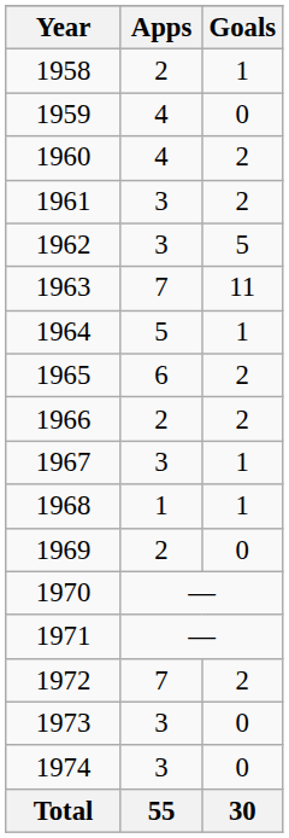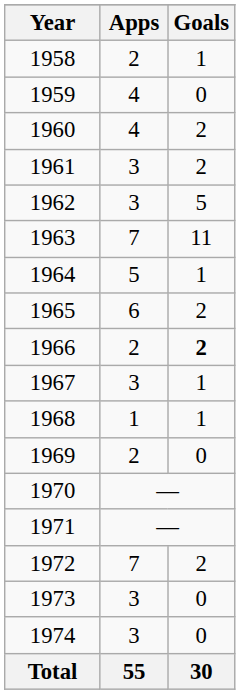 <table class="wikitable" style="text-align:center">
 <tr>
 </tr>
 <tr>
 <th width="60">Year</th>
 <th width="40">Apps</th>
 <th width="40">Goals</th>
 </tr>
 <tr>
 <td>1958</td>
 <td>2</td>
 <td>1</td>
 </tr>
 <tr>
 <td>1959</td>
 <td>4</td>
 <td>0</td>
 </tr>
 <tr>
 <td>1960</td>
 <td>4</td>
 <td>2</td>
 </tr>
 <tr>
 <td>1961</td>
 <td>3</td>
 <td>2</td>
 </tr>
 <tr>
 <td>1962</td>
 <td>3</td>
 <td>5</td>
 </tr>
 <tr>
 <td>1963</td>
 <td>7</td>
 <td>11</td>
 </tr>
 <tr>
 <td>1964</td>
 <td>5</td>
 <td>1</td>
 </tr>
 <tr>
 <td>1965</td>
 <td>6</td>
 <td>2</td>
 </tr>
 <tr>
 <td>1966</td>
 <td>2</td>
-<td>2</td>
+<td><strong>2</strong></td>
 </tr>
 <tr>
 <td>1967</td>
 <td>3</td>
 <td>1</td>
 </tr>
 <tr>
 <td>1968</td>
 <td>1</td>
 <td>1</td>
 </tr>
 <tr>
 <td>1969</td>
 <td>2</td>
 <td>0</td>
 </tr>
 <tr>
 <td>1970</td>
 <td colspan=2>—</td>
 </tr>
 <tr>
 <td>1971</td>
 <td colspan=2>—</td>
 </tr>
 <tr>
 <td>1972</td>
 <td>7</td>
 <td>2</td>
 </tr>
 <tr>
 <td>1973</td>
 <td>3</td>
 <td>0</td>
 </tr>
 <tr>
 <td>1974</td>
 <td>3</td>
 <td>0</td>
 </tr>
 <tr>
 <th>Total</th>
 <th>55</th>
 <th>30</th>
 </tr>
 </table>
